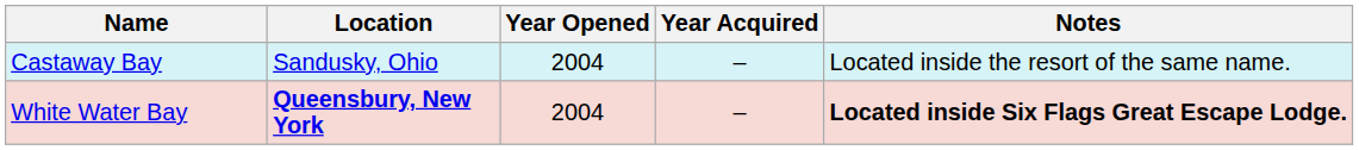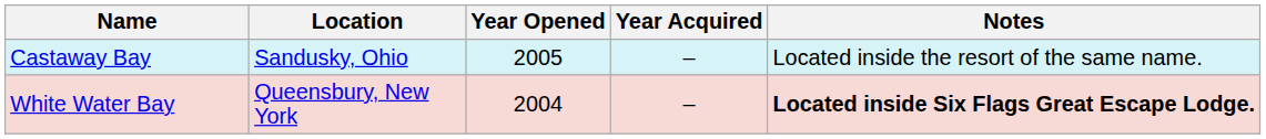 <table class="wikitable sortable">
 <tr>
 <th style="width:170px;">Name</th>
 <th style="width:150px;">Location</th>
 <th>Year Opened</th>
 <th>Year Acquired</th>
 <th>Notes</th>
 </tr>
 <tr>
 <td style="background:#d6f4f7;"><a href='#'>Castaway Bay</a></td>
 <td style="background:#d6f4f7;"><a href='#'>Sandusky, Ohio</a></td>
-<td style="background:#d6f4f7;text-align:center">2004</td>
+<td style="background:#d6f4f7;text-align:center">2005</td>
 <td style="background:#d6f4f7;text-align:center">–</td>
 <td style="background:#d6f4f7;">Located inside the resort of the same name.</td>
 </tr>
 <tr>
 <td style="background:#f7d9d6;"><a href='#'>White Water Bay</a></td>
-<td style="background:#f7d9d6;"><strong><a href='#'>Queensbury, New York</a></strong></td>
+<td style="background:#f7d9d6;"><a href='#'>Queensbury, New York</a></td>
 <td style="background:#f7d9d6;text-align:center">2004</td>
 <td style="background:#f7d9d6;text-align:center">–</td>
 <td style="background:#f7d9d6;"><strong>Located inside Six Flags Great Escape Lodge.</strong></td>
 </tr>
 </table>
